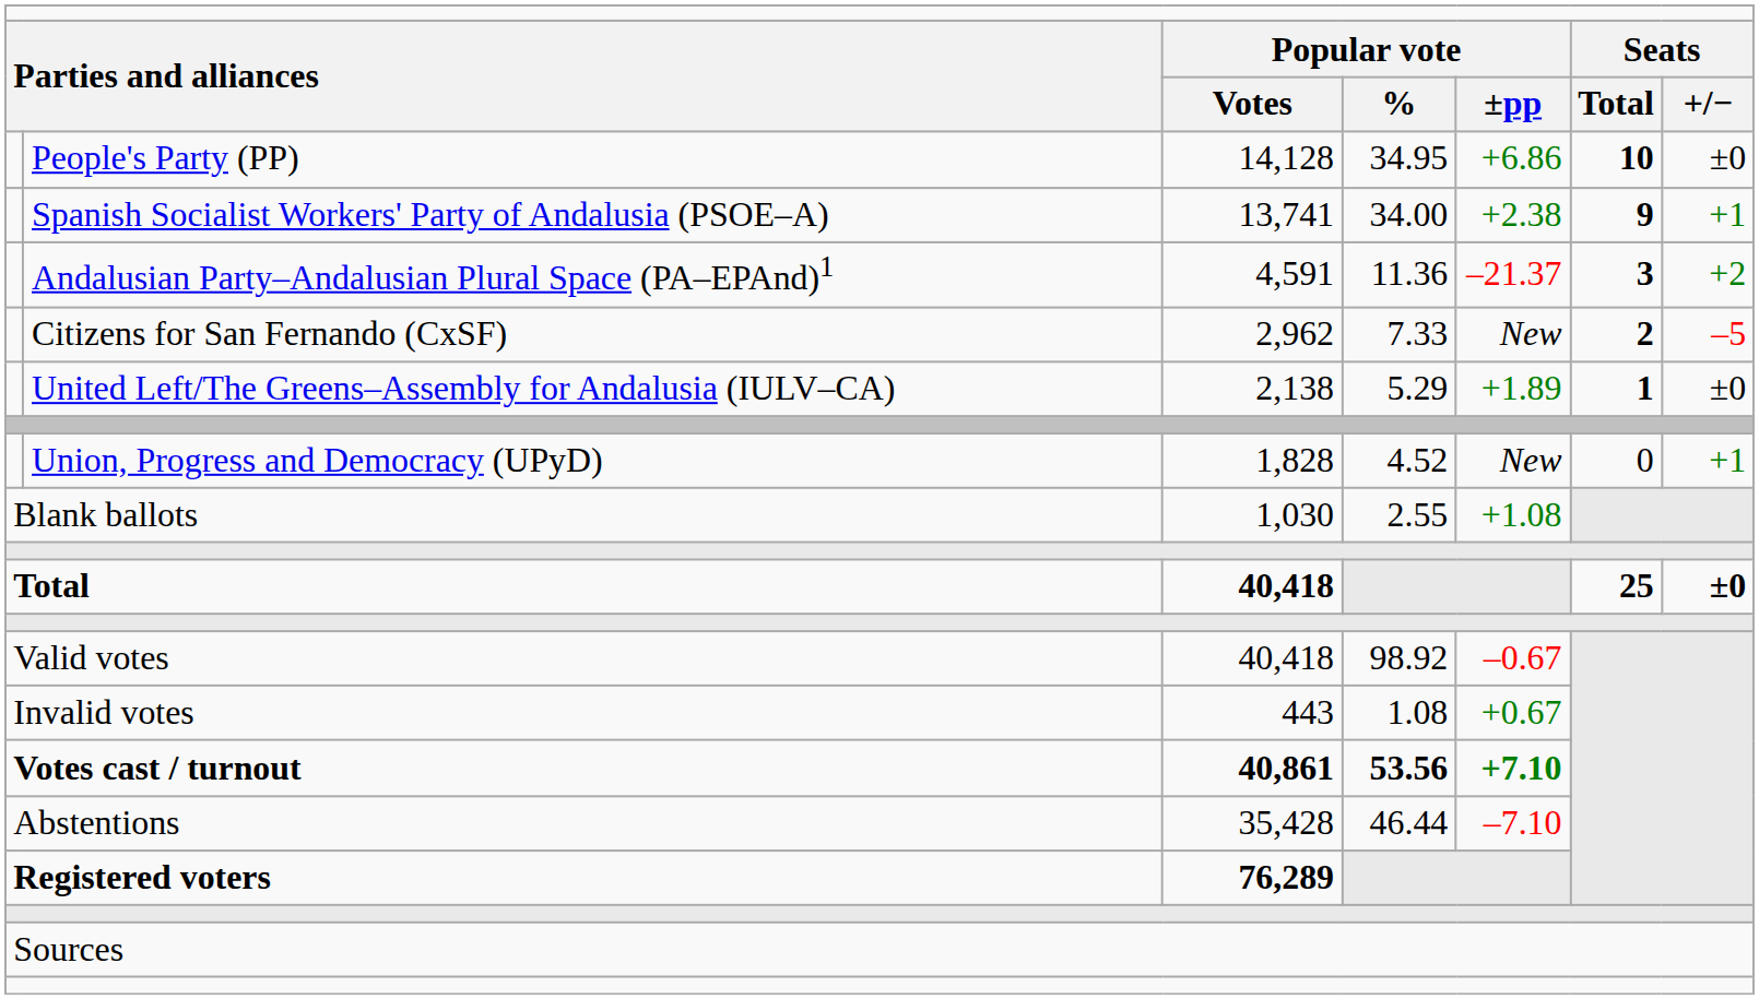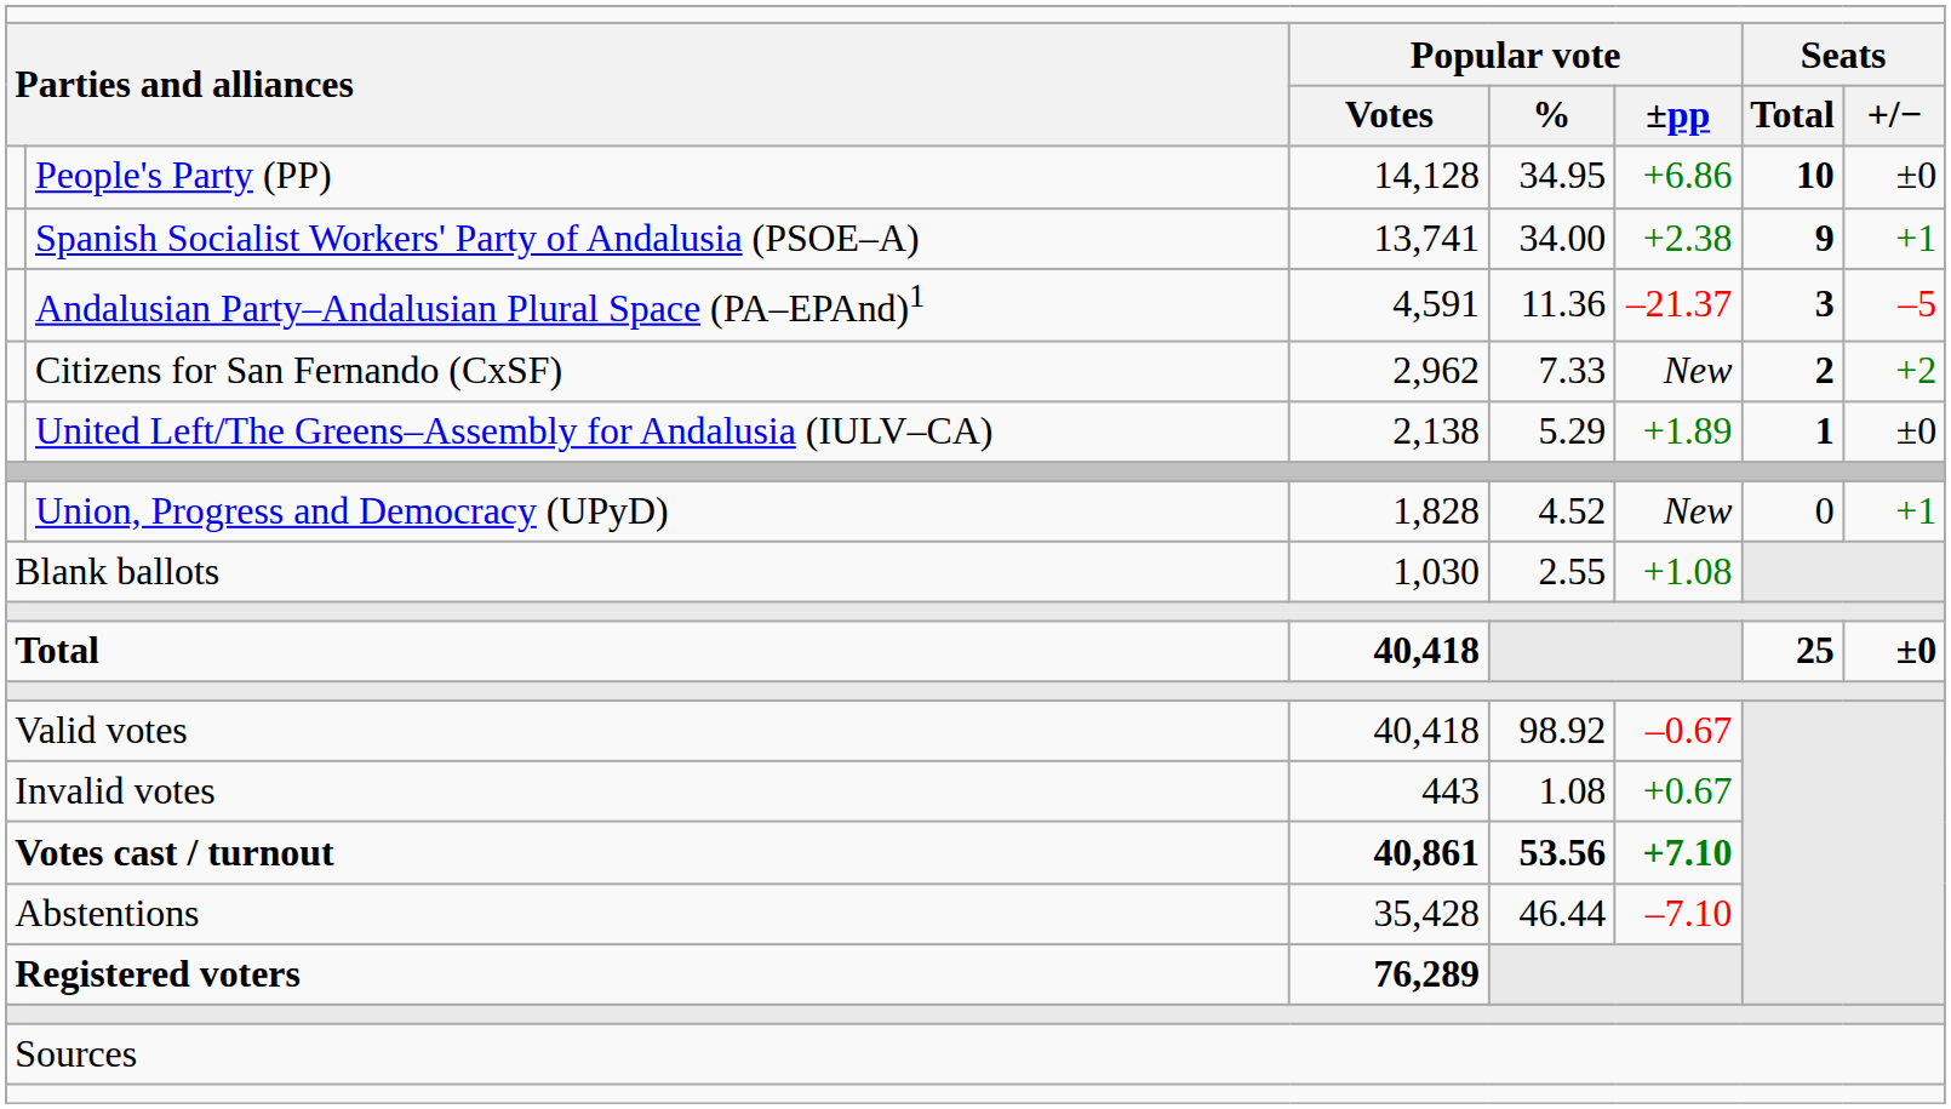 <table class="wikitable" style="text-align:right;">
 <tr>
 <td colspan="7"></td>
 </tr>
 <tr>
 <th style="text-align:left;" rowspan="2" colspan="2" width="525">Parties and alliances</th>
 <th colspan="3">Popular vote</th>
 <th colspan="2">Seats</th>
 </tr>
 <tr>
 <th width="75">Votes</th>
 <th width="45">%</th>
 <th width="45">±<a href='#'>pp</a></th>
 <th width="35">Total</th>
 <th width="35">+/−</th>
 </tr>
 <tr>
 <td width="1" style="color:inherit;background:"></td>
 <td align="left"><a href='#'>People's Party</a> (PP)</td>
 <td>14,128</td>
 <td>34.95</td>
 <td style="color:green;">+6.86</td>
 <td><strong>10</strong></td>
 <td>±0</td>
 </tr>
 <tr>
 <td style="color:inherit;background:"></td>
 <td align="left"><a href='#'>Spanish Socialist Workers' Party of Andalusia</a> (PSOE–A)</td>
 <td>13,741</td>
 <td>34.00</td>
 <td style="color:green;">+2.38</td>
 <td><strong>9</strong></td>
 <td style="color:green;">+1</td>
 </tr>
 <tr>
 <td style="color:inherit;background:"></td>
 <td align="left"><a href='#'>Andalusian Party–Andalusian Plural Space</a> (PA–EPAnd)<sup>1</sup></td>
 <td>4,591</td>
 <td>11.36</td>
 <td style="color:red;">–21.37</td>
 <td><strong>3</strong></td>
-<td style="color:green;">+2</td>
+<td style="color:red;">–5</td>
 </tr>
 <tr>
 <td style="color:inherit;background:"></td>
 <td align="left">Citizens for San Fernando (CxSF)</td>
 <td>2,962</td>
 <td>7.33</td>
 <td><em>New</em></td>
 <td><strong>2</strong></td>
-<td style="color:red;">–5</td>
+<td style="color:green;">+2</td>
 </tr>
 <tr>
 <td style="color:inherit;background:"></td>
 <td align="left"><a href='#'>United Left/The Greens–Assembly for Andalusia</a> (IULV–CA)</td>
 <td>2,138</td>
 <td>5.29</td>
 <td style="color:green;">+1.89</td>
 <td><strong>1</strong></td>
 <td>±0</td>
 </tr>
 <tr>
 <td colspan="7" bgcolor="#C0C0C0"></td>
 </tr>
 <tr>
 <td style="color:inherit;background:"></td>
 <td align="left"><a href='#'>Union, Progress and Democracy</a> (UPyD)</td>
 <td>1,828</td>
 <td>4.52</td>
 <td><em>New</em></td>
 <td>0</td>
 <td style="color:green;">+1</td>
 </tr>
 <tr>
 <td align="left" colspan="2">Blank ballots</td>
 <td>1,030</td>
 <td>2.55</td>
 <td style="color:green;">+1.08</td>
 <td bgcolor="#E9E9E9" colspan="2"></td>
 </tr>
 <tr>
 <td colspan="7" bgcolor="#E9E9E9"></td>
 </tr>
 <tr style="font-weight:bold;">
 <td align="left" colspan="2">Total</td>
 <td>40,418</td>
 <td bgcolor="#E9E9E9" colspan="2"></td>
 <td>25</td>
 <td>±0</td>
 </tr>
 <tr>
 <td colspan="7" bgcolor="#E9E9E9"></td>
 </tr>
 <tr>
 <td align="left" colspan="2">Valid votes</td>
 <td>40,418</td>
 <td>98.92</td>
 <td style="color:red;">–0.67</td>
 <td bgcolor="#E9E9E9" colspan="2" rowspan="5"></td>
 </tr>
 <tr>
 <td align="left" colspan="2">Invalid votes</td>
 <td>443</td>
 <td>1.08</td>
 <td style="color:green;">+0.67</td>
 </tr>
 <tr style="font-weight:bold;">
 <td align="left" colspan="2">Votes cast / turnout</td>
 <td>40,861</td>
 <td>53.56</td>
 <td style="color:green;">+7.10</td>
 </tr>
 <tr>
 <td align="left" colspan="2">Abstentions</td>
 <td>35,428</td>
 <td>46.44</td>
 <td style="color:red;">–7.10</td>
 </tr>
 <tr style="font-weight:bold;">
 <td align="left" colspan="2">Registered voters</td>
 <td>76,289</td>
 <td bgcolor="#E9E9E9" colspan="2"></td>
 </tr>
 <tr>
 <td colspan="7" bgcolor="#E9E9E9"></td>
 </tr>
 <tr>
 <td align="left" colspan="7">Sources</td>
 </tr>
 <tr>
 <td colspan="7" style="text-align:left; max-width:790px;"></td>
 </tr>
 </table>
